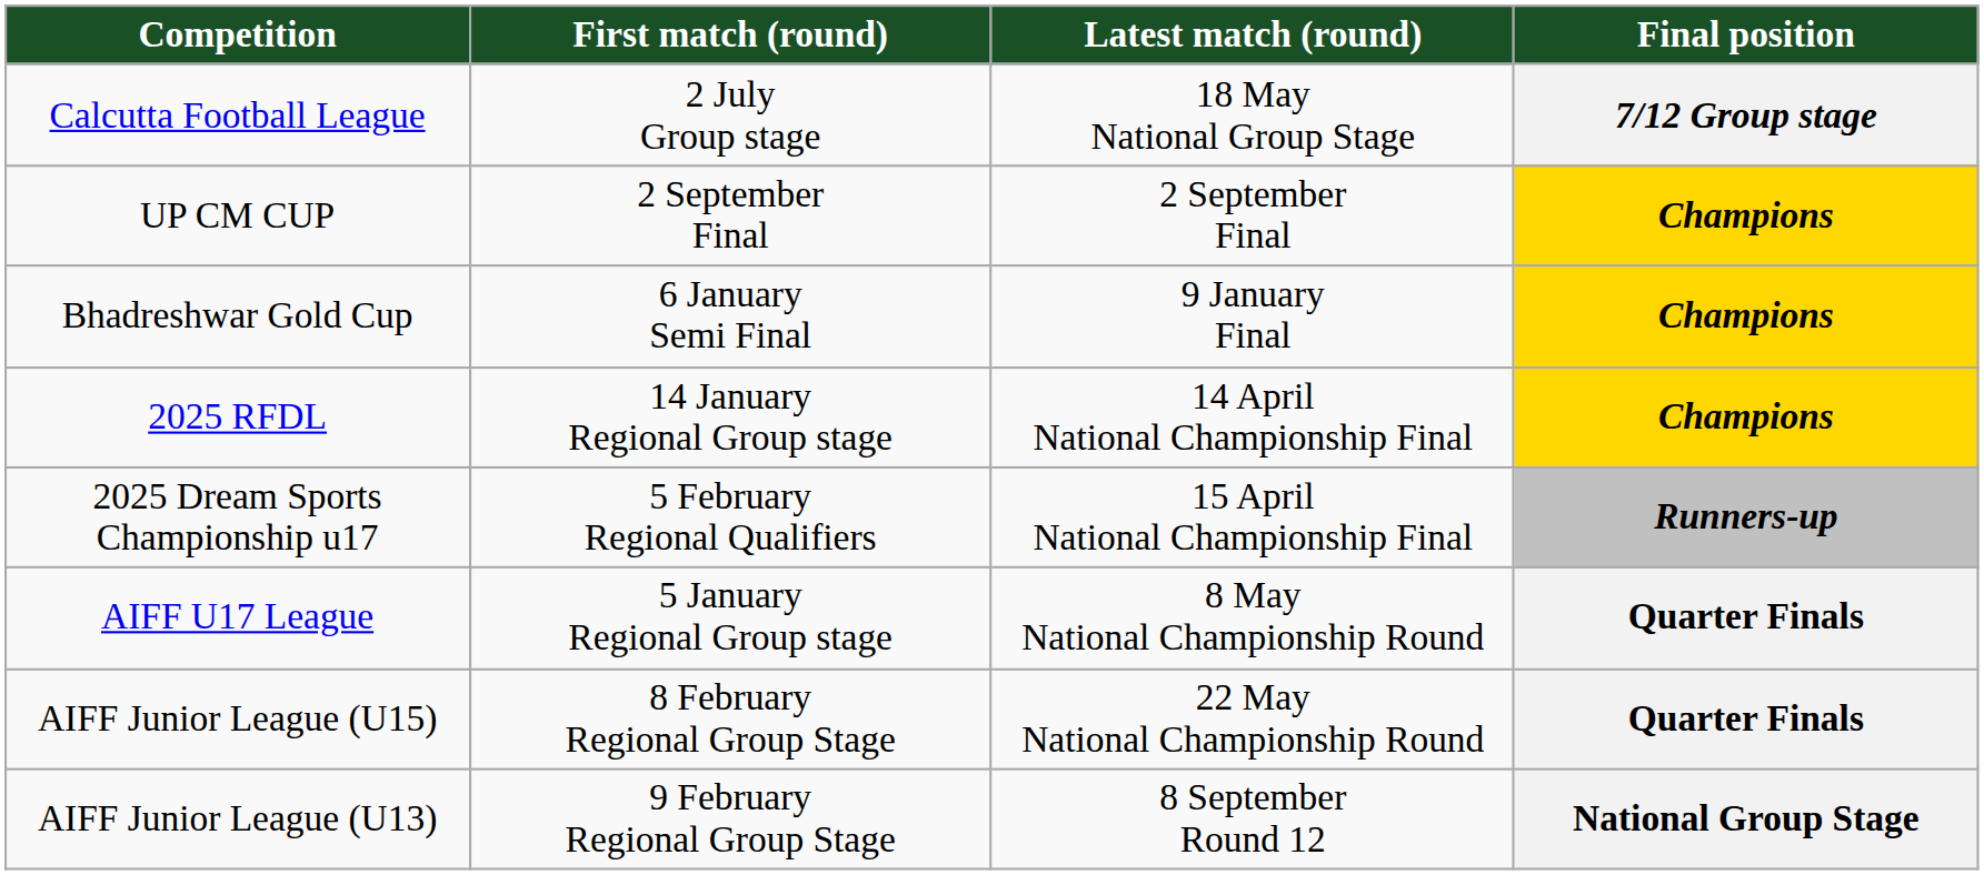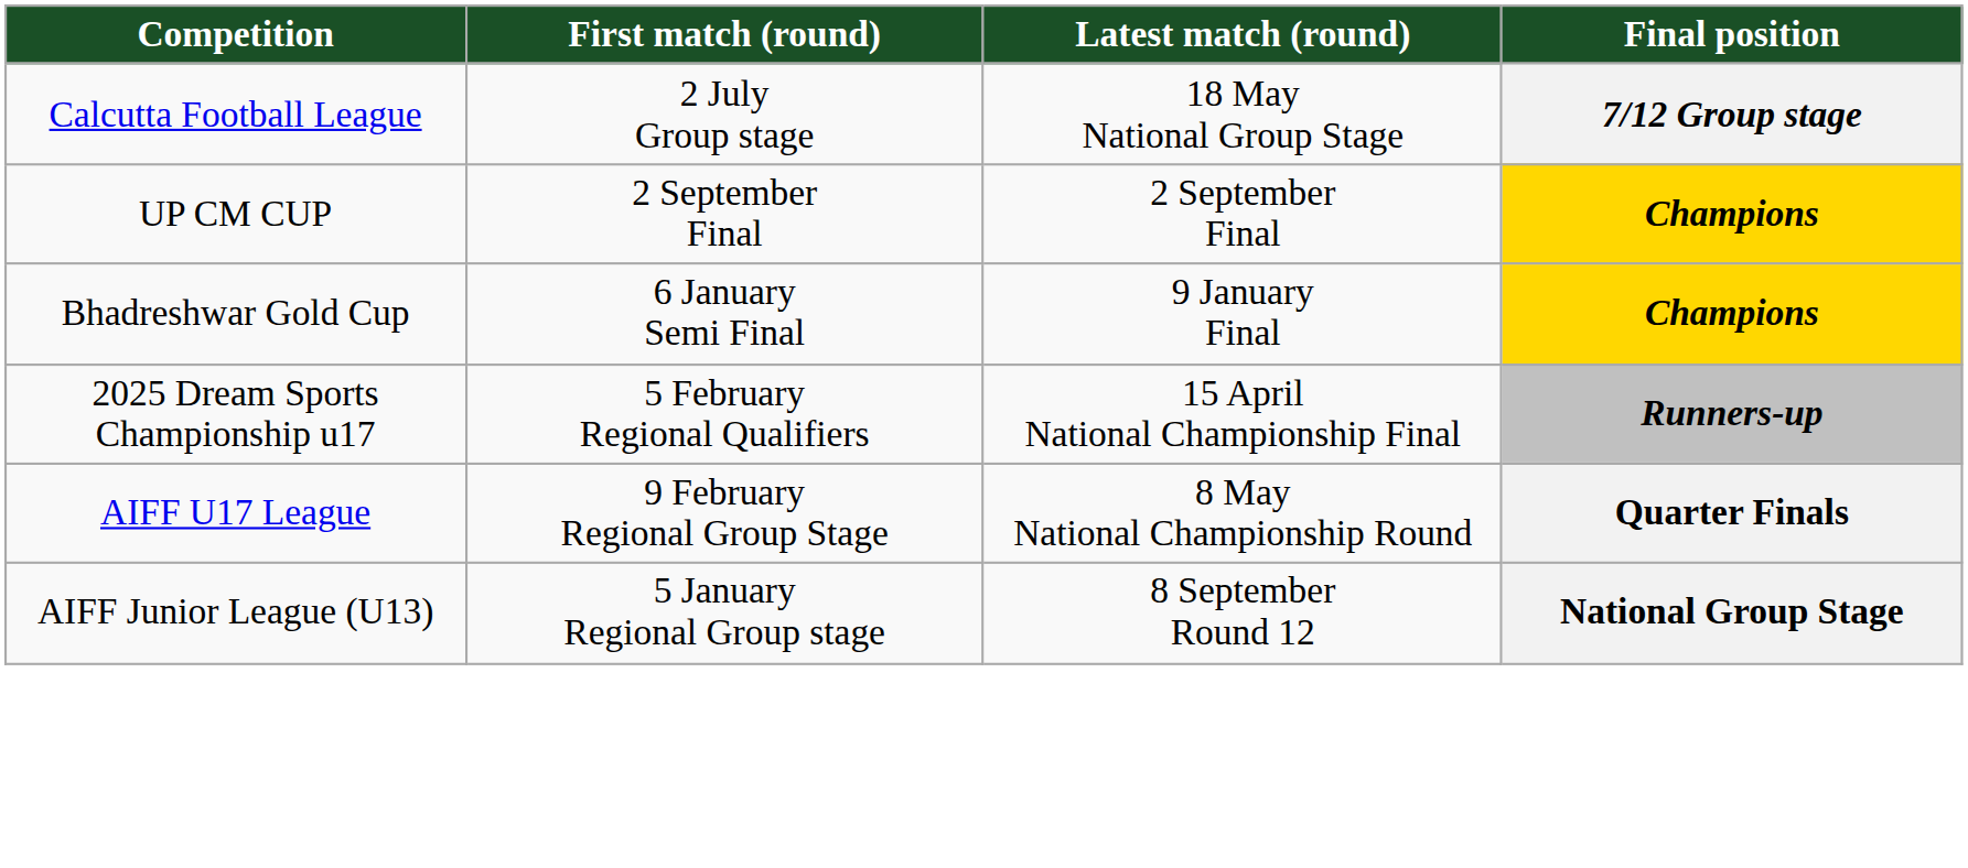 <table class="wikitable" style="text-align:center; width:850px;">
 <tr>
 <th style="text-align:center; width:150px; background:#1A5026; color:#FFFFFF; ">Competition</th>
 <th style="text-align:center; width:170px; background:#1A5026; color:#FFFFFF; ">First match (round)</th>
 <th style="text-align:center; width:170px; background:#1A5026; color:#FFFFFF; ">Latest match (round)</th>
 <th style="text-align:center; width:150px; background:#1A5026; color:#FFFFFF; ">Final position</th>
 </tr>
 <tr>
 <td><a href='#'> Calcutta Football League</a></td>
 <td>2 July<br>Group stage</td>
 <td>18 May <br> National Group Stage</td>
 <th><em>7/12 Group stage</em></th>
 </tr>
 <tr>
 <td style="text-align:center;">UP CM CUP</td>
 <td>2 September <br> Final</td>
 <td>2 September <br> Final</td>
 <th ! style="background:Gold"><em>Champions </em></th>
 </tr>
 <tr>
 <td style="text-align:center;">Bhadreshwar Gold Cup</td>
 <td>6 January<br> Semi Final</td>
 <td>9 January <br> Final</td>
 <th style="background:Gold"><em>Champions</em></th>
 </tr>
 <tr>
-<td style="text-align:center;"><a href='#'>2025 RFDL</a></td>
-<td>14 January <br> Regional Group stage</td>
-<td>14 April <br> National Championship Final</td>
-<th style="background:Gold"><em>Champions </em></th>
-</tr>
-<tr>
 <td style="text-align:center;">2025 Dream Sports Championship u17</td>
 <td>5 February <br> Regional Qualifiers</td>
 <td>15 April <br> National Championship Final</td>
 <th style="background:Silver"><em>Runners-up </em></th>
 </tr>
 <tr>
 <td style="text-align:center;"><a href='#'>AIFF U17 League</a></td>
-<td>5 January <br> Regional Group stage</td>
+<td>9 February <br> Regional Group Stage</td>
 <td>8 May <br> National Championship Round</td>
 <th>Quarter Finals</th>
 </tr>
 <tr>
-<td style="text-align:center;">AIFF Junior League (U15)</td>
-<td>8 February <br> Regional Group Stage</td>
-<td>22 May <br> National Championship Round</td>
-<th>Quarter Finals</th>
-</tr>
-<tr>
 <td style="text-align:center;">AIFF Junior League (U13)</td>
-<td>9 February <br> Regional Group Stage</td>
+<td>5 January <br> Regional Group stage</td>
 <td>8 September<br>Round 12</td>
 <th>National Group Stage</th>
 </tr>
 </table>
